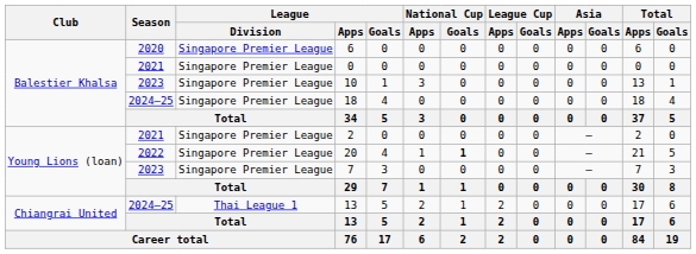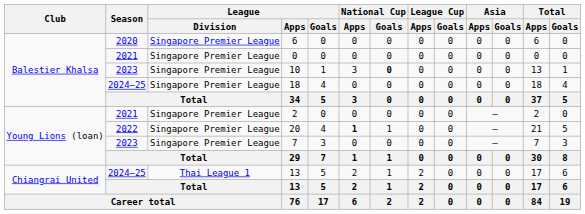 <table class=wikitable style=text-align:center>
 <tr>
 <th rowspan=2>Club</th>
 <th rowspan=2>Season</th>
 <th colspan=3>League</th>
 <th colspan=2>National Cup</th>
 <th colspan=2>League Cup</th>
 <th colspan=2>Asia</th>
 <th colspan=2>Total</th>
 </tr>
 <tr>
 <th>Division</th>
 <th>Apps</th>
 <th>Goals</th>
 <th>Apps</th>
 <th>Goals</th>
 <th>Apps</th>
 <th>Goals</th>
 <th>Apps</th>
 <th>Goals</th>
 <th>Apps</th>
 <th>Goals</th>
 </tr>
 <tr>
 <td rowspan="5"><a href='#'>Balestier Khalsa</a></td>
 <td><a href='#'>2020</a></td>
 <td><a href='#'>Singapore Premier League</a></td>
 <td>6</td>
 <td>0</td>
 <td>0</td>
 <td>0</td>
 <td>0</td>
 <td>0</td>
 <td>0</td>
 <td>0</td>
 <td>6</td>
 <td>0</td>
 </tr>
 <tr>
 <td><a href='#'>2021</a></td>
 <td>Singapore Premier League</td>
 <td>0</td>
 <td>0</td>
 <td>0</td>
 <td>0</td>
 <td>0</td>
 <td>0</td>
 <td>0</td>
 <td>0</td>
 <td>0</td>
 <td>0</td>
 </tr>
 <tr>
 <td><a href='#'>2023</a></td>
 <td>Singapore Premier League</td>
 <td>10</td>
 <td>1</td>
 <td>3</td>
-<td>0</td>
+<td><strong>0</strong></td>
 <td>0</td>
 <td>0</td>
 <td>0</td>
 <td>0</td>
 <td>13</td>
 <td>1</td>
 </tr>
 <tr>
 <td><a href='#'>2024–25</a></td>
 <td>Singapore Premier League</td>
 <td>18</td>
 <td>4</td>
 <td>0</td>
 <td>0</td>
 <td>0</td>
 <td>0</td>
 <td>0</td>
 <td>0</td>
 <td>18</td>
 <td>4</td>
 </tr>
 <tr>
 <th colspan="2">Total</th>
 <th>34</th>
 <th>5</th>
 <th>3</th>
 <th>0</th>
 <th>0</th>
 <th>0</th>
 <th>0</th>
 <th>0</th>
 <th>37</th>
 <th>5</th>
 </tr>
 <tr>
 <td rowspan="4"><a href='#'>Young Lions</a> (loan)</td>
 <td><a href='#'>2021</a></td>
 <td>Singapore Premier League</td>
 <td>2</td>
 <td>0</td>
 <td>0</td>
 <td>0</td>
 <td>0</td>
 <td>0</td>
 <td colspan='2'>—</td>
 <td>2</td>
 <td>0</td>
 </tr>
 <tr>
 <td><a href='#'>2022</a></td>
 <td>Singapore Premier League</td>
 <td>20</td>
 <td>4</td>
+<td><strong>1</strong></td>
 <td>1</td>
-<td><strong>1</strong></td>
 <td>0</td>
 <td>0</td>
 <td colspan='2'>—</td>
 <td>21</td>
 <td>5</td>
 </tr>
 <tr>
 <td><a href='#'>2023</a></td>
 <td>Singapore Premier League</td>
 <td>7</td>
 <td>3</td>
 <td>0</td>
 <td>0</td>
 <td>0</td>
 <td>0</td>
 <td colspan='2'>—</td>
 <td>7</td>
 <td>3</td>
 </tr>
 <tr>
 <th colspan="2">Total</th>
 <th>29</th>
 <th>7</th>
 <th>1</th>
 <th>1</th>
 <th>0</th>
 <th>0</th>
 <th>0</th>
 <th>0</th>
 <th>30</th>
 <th>8</th>
 </tr>
 <tr>
 <td rowspan="2"><a href='#'>Chiangrai United</a></td>
 <td><a href='#'>2024–25</a></td>
 <td rowspan="1"><a href='#'>Thai League 1</a></td>
 <td>13</td>
 <td>5</td>
 <td>2</td>
 <td>1</td>
 <td>2</td>
 <td>0</td>
 <td>0</td>
 <td>0</td>
 <td>17</td>
 <td>6</td>
 </tr>
 <tr>
 <th colspan=2>Total</th>
 <th>13</th>
 <th>5</th>
 <th>2</th>
 <th>1</th>
 <th>2</th>
 <th>0</th>
 <th>0</th>
 <th>0</th>
 <th>17</th>
 <th>6</th>
 </tr>
 <tr>
 <th colspan=3>Career total</th>
 <th>76</th>
 <th>17</th>
 <th>6</th>
 <th>2</th>
 <th>2</th>
 <th>0</th>
 <th>0</th>
 <th>0</th>
 <th>84</th>
 <th>19</th>
 </tr>
 </table>
